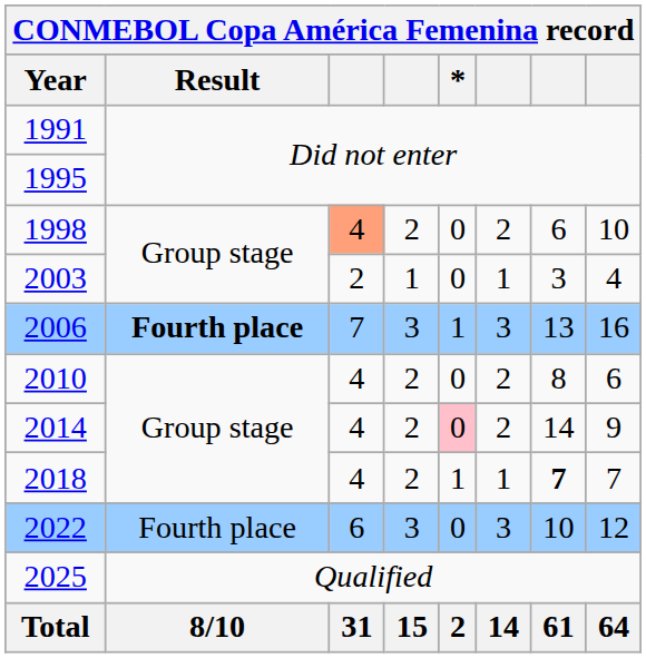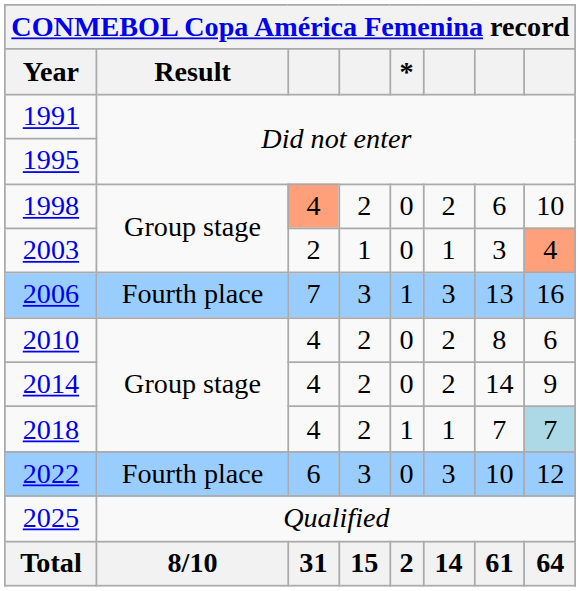 <table class="wikitable" style="text-align: center;">
 <tr>
 <th colspan="8"><a href='#'>CONMEBOL Copa América Femenina</a> record</th>
 </tr>
 <tr>
 <th>Year</th>
 <th>Result</th>
 <th></th>
 <th></th>
 <th>*</th>
 <th></th>
 <th></th>
 <th></th>
 </tr>
 <tr>
 <td> <a href='#'>1991</a></td>
 <td rowspan=2 colspan=7><em>Did not enter</em></td>
 </tr>
 <tr>
 <td> <a href='#'>1995</a></td>
 </tr>
 <tr>
 <td> <a href='#'>1998</a></td>
 <td rowspan=2>Group stage</td>
 <td style="background: lightsalmon;">4</td>
 <td>2</td>
 <td>0</td>
 <td>2</td>
 <td>6</td>
 <td>10</td>
 </tr>
 <tr>
 <td> <a href='#'>2003</a></td>
 <td>2</td>
 <td>1</td>
 <td>0</td>
 <td>1</td>
 <td>3</td>
-<td>4</td>
+<td style="background: lightsalmon;">4</td>
 </tr>
 <tr style="background:#9acdff;">
 <td> <a href='#'>2006</a></td>
-<td><strong>Fourth place</strong></td>
+<td>Fourth place</td>
 <td>7</td>
 <td>3</td>
 <td>1</td>
 <td>3</td>
 <td>13</td>
 <td>16</td>
 </tr>
 <tr>
 <td> <a href='#'>2010</a></td>
 <td rowspan=3>Group stage</td>
 <td>4</td>
 <td>2</td>
 <td>0</td>
 <td>2</td>
 <td>8</td>
 <td>6</td>
 </tr>
 <tr>
 <td> <a href='#'>2014</a></td>
 <td>4</td>
 <td>2</td>
-<td style="background: pink;">0</td>
+<td>0</td>
 <td>2</td>
 <td>14</td>
 <td>9</td>
 </tr>
 <tr>
 <td> <a href='#'>2018</a></td>
 <td>4</td>
 <td>2</td>
 <td>1</td>
 <td>1</td>
-<td><strong>7</strong></td>
 <td>7</td>
+<td style="background: lightblue;">7</td>
 </tr>
 <tr style="background:#9acdff;">
 <td> <a href='#'>2022</a></td>
 <td>Fourth place</td>
 <td>6</td>
 <td>3</td>
 <td>0</td>
 <td>3</td>
 <td>10</td>
 <td>12</td>
 </tr>
 <tr>
 <td> <a href='#'>2025</a></td>
 <td colspan=7><em>Qualified</em></td>
 </tr>
 <tr>
 <th>Total</th>
 <th>8/10</th>
 <th>31</th>
 <th>15</th>
 <th>2</th>
 <th>14</th>
 <th>61</th>
 <th>64</th>
 </tr>
 </table>
